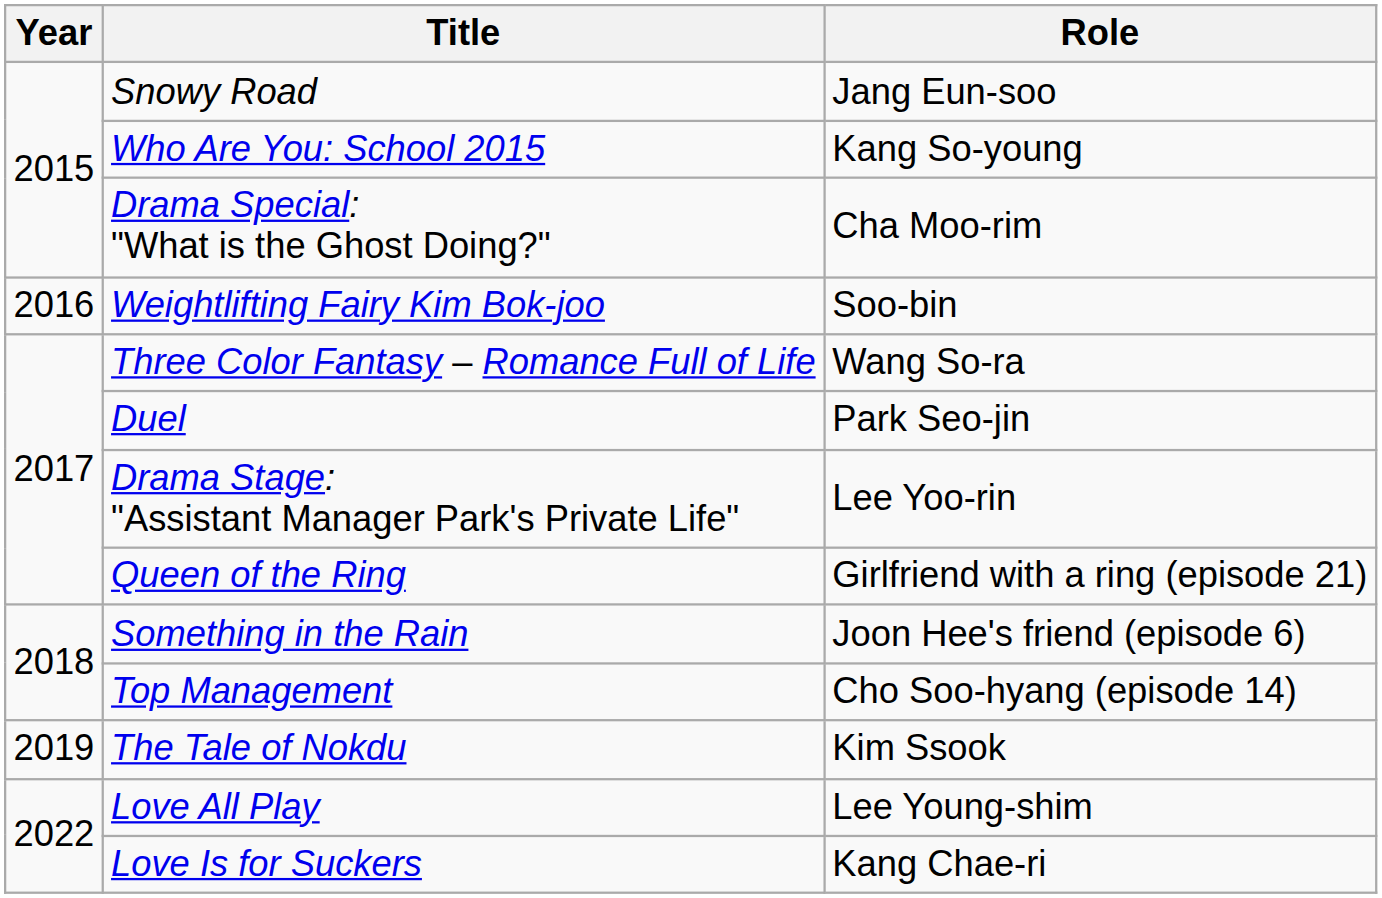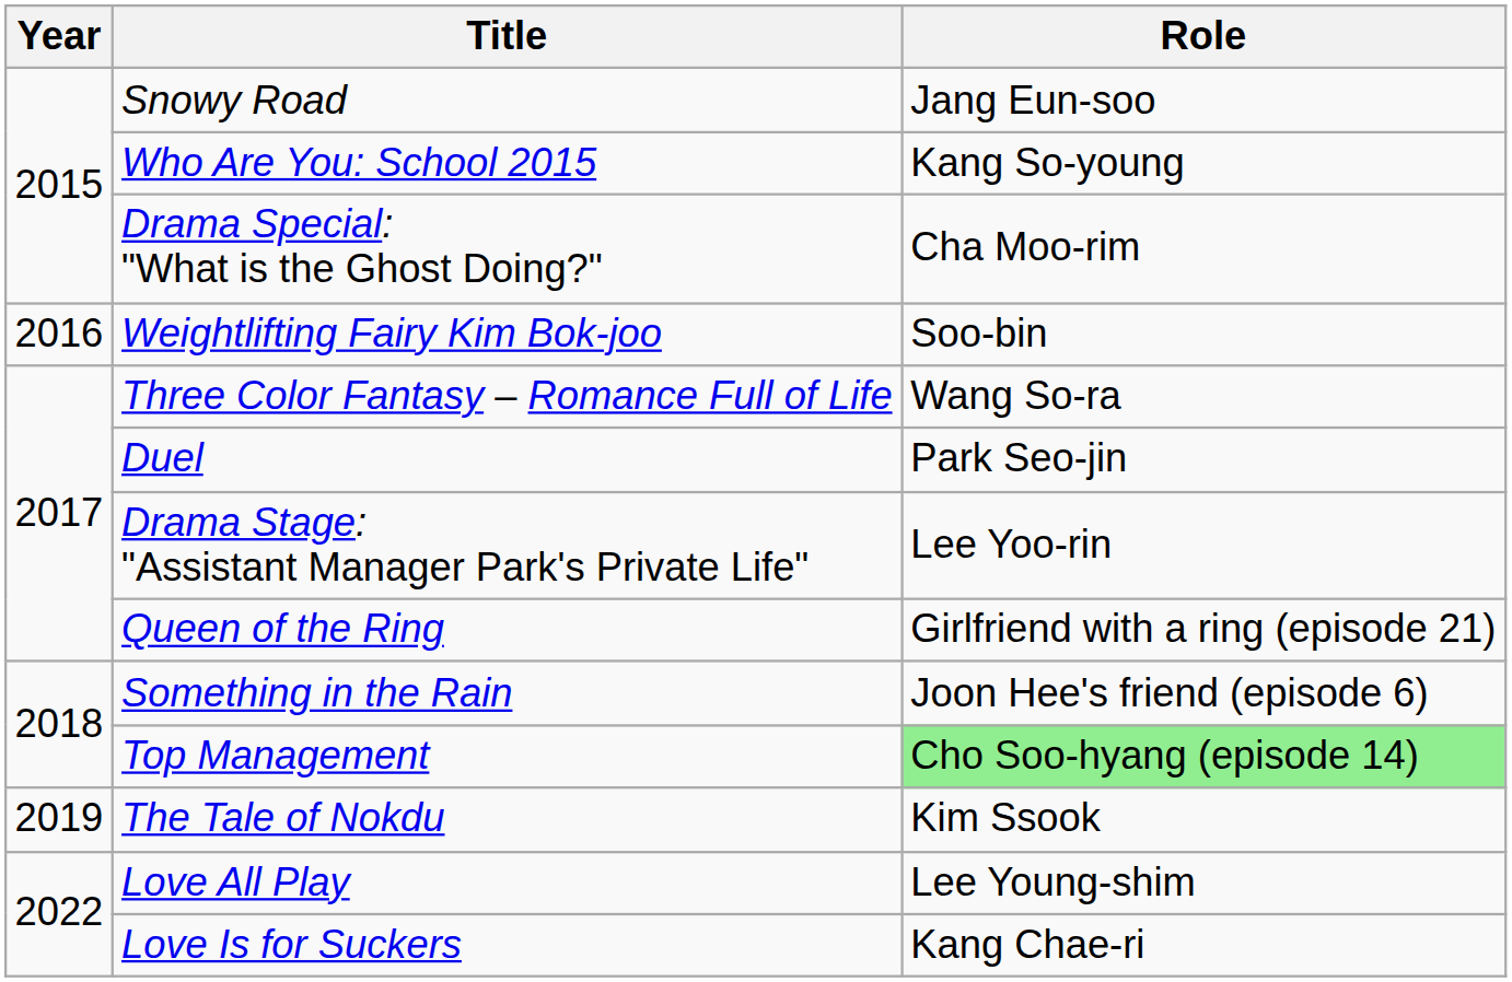 <table class="wikitable sortable">
 <tr>
 <th>Year</th>
 <th>Title</th>
 <th>Role</th>
 </tr>
 <tr>
 <td rowspan=3>2015</td>
 <td><em>Snowy Road</em></td>
 <td>Jang Eun-soo</td>
 </tr>
 <tr>
 <td><em><a href='#'>Who Are You: School 2015</a></em></td>
 <td>Kang So-young</td>
 </tr>
 <tr>
 <td><em><a href='#'>Drama Special</a>:</em><br>"What is the Ghost Doing?"</td>
 <td>Cha Moo-rim</td>
 </tr>
 <tr>
 <td>2016</td>
 <td><em><a href='#'>Weightlifting Fairy Kim Bok-joo</a></em></td>
 <td>Soo-bin</td>
 </tr>
 <tr>
 <td rowspan="4">2017</td>
 <td><em><a href='#'>Three Color Fantasy</a></em> – <em><a href='#'>Romance Full of Life</a></em></td>
 <td>Wang So-ra</td>
 </tr>
 <tr>
 <td><em><a href='#'>Duel</a></em></td>
 <td>Park Seo-jin</td>
 </tr>
 <tr>
 <td><em><a href='#'>Drama Stage</a>:</em><br>"Assistant Manager Park's Private Life"</td>
 <td>Lee Yoo-rin</td>
 </tr>
 <tr>
 <td><em><a href='#'>Queen of the Ring</a></em></td>
 <td>Girlfriend with a ring (episode 21)</td>
 </tr>
 <tr>
 <td rowspan=2>2018</td>
 <td><em><a href='#'>Something in the Rain</a></em></td>
 <td>Joon Hee's friend (episode 6)</td>
 </tr>
 <tr>
 <td><em><a href='#'>Top Management</a></em></td>
-<td>Cho Soo-hyang (episode 14)</td>
+<td style="background: lightgreen;">Cho Soo-hyang (episode 14)</td>
 </tr>
 <tr>
 <td>2019</td>
 <td><em><a href='#'>The Tale of Nokdu</a></em></td>
 <td>Kim Ssook</td>
 </tr>
 <tr>
 <td rowspan="2">2022</td>
 <td><em><a href='#'>Love All Play</a></em></td>
 <td>Lee Young-shim</td>
 </tr>
 <tr>
 <td><em><a href='#'>Love Is for Suckers</a></em></td>
 <td>Kang Chae-ri</td>
 </tr>
 </table>
